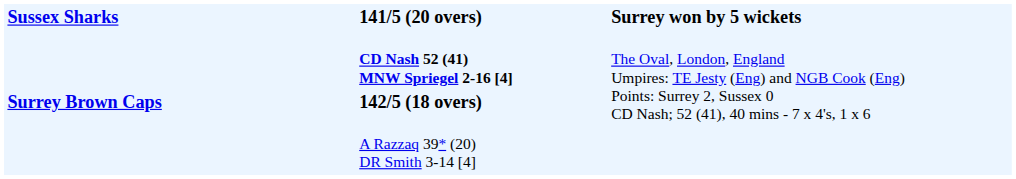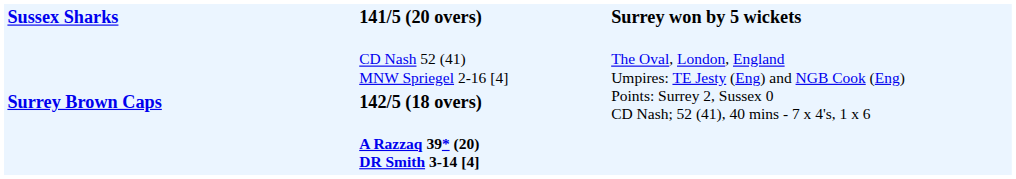 <table style="width:100%; background:#ebf5ff;">
 <tr>
 <td style="width:35%; vertical-align:top;" rowspan="2"><strong><a href='#'>Sussex Sharks</a></strong></td>
 <td style="width:25%;"><strong>141/5 (20 overs)</strong></td>
 <td style="width:40%;"><strong>Surrey won by 5 wickets</strong></td>
 </tr>
 <tr>
-<td style="font-size: 85%;"><strong><br><a href='#'>CD Nash</a> 52 (41)<br> <a href='#'>MNW Spriegel</a> 2-16 [4]</strong></td>
+<td style="font-size: 85%;"><br><a href='#'>CD Nash</a> 52 (41)<br> <a href='#'>MNW Spriegel</a> 2-16 [4]</td>
 <td style="vertical-align:top; font-size:85%;" rowspan="3"><br><a href='#'>The Oval</a>, <a href='#'>London</a>, <a href='#'>England</a><br> Umpires: <a href='#'>TE Jesty</a> (<a href='#'>Eng</a>) and <a href='#'>NGB Cook</a> (<a href='#'>Eng</a>)<br> Points: Surrey 2, Sussex 0<br>CD Nash; 52 (41), 40 mins - 7 x 4's, 1 x 6</td>
 </tr>
 <tr>
 <td style="vertical-align:top;" rowspan="2"><strong><a href='#'>Surrey Brown Caps</a></strong></td>
 <td><strong>142/5 (18 overs)</strong></td>
 </tr>
 <tr>
-<td style="font-size: 85%;"><br><a href='#'>A Razzaq</a> 39<a href='#'>*</a> (20)<br> <a href='#'>DR Smith</a> 3-14 [4]</td>
+<td style="font-size: 85%;"><strong><br><a href='#'>A Razzaq</a> 39<a href='#'>*</a> (20)<br> <a href='#'>DR Smith</a> 3-14 [4]</strong></td>
 </tr>
 </table>
